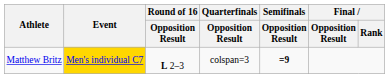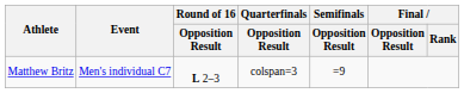 <table class=wikitable style="font-size:90%">
 <tr align=center>
 <th rowspan="2">Athlete</th>
 <th rowspan="2">Event</th>
 <th>Round of 16</th>
 <th>Quarterfinals</th>
 <th>Semifinals</th>
 <th colspan="2">Final / </th>
 </tr>
 <tr>
 <th>Opposition<br>Result</th>
 <th>Opposition<br>Result</th>
 <th>Opposition<br>Result</th>
 <th>Opposition<br>Result</th>
 <th>Rank</th>
 </tr>
 <tr align=center>
 <td align=left><a href='#'>Matthew Britz</a></td>
-<td align=left style="background: gold;"><a href='#'>Men's individual C7</a></td>
+<td align=left><a href='#'>Men's individual C7</a></td>
 <td><br><strong>L</strong> 2–3</td>
 <td>colspan=3 </td>
-<td><strong>=9</strong></td>
+<td>=9</td>
 </tr>
 </table>
